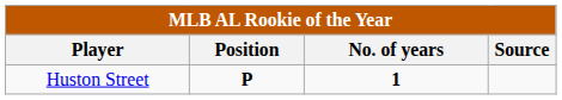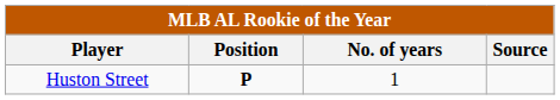 <table class="wikitable" style="text-align:center">
 <tr>
 <td colspan="5" style= "background: #BF5700; color:white"><strong>MLB AL Rookie of the Year</strong></td>
 </tr>
 <tr>
 <th style="width:150px; ">Player</th>
 <th style="width:90px; ">Position</th>
 <th style="width:150px; ">No. of years</th>
 <th style="width:50px; ">Source</th>
 </tr>
 <tr>
 <td><a href='#'>Huston Street</a></td>
 <td><strong>P</strong></td>
-<td><strong>1</strong></td>
+<td>1</td>
 <td></td>
 </tr>
 </table>
